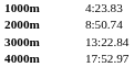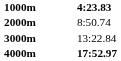 <table>
 <tr>
 <th width=100></th>
 <th width=100></th>
 <th width=300></th>
 </tr>
 <tr>
 <td><strong>1000m</strong></td>
-<td>4:23.83</td>
+<td><strong>4:23.83</strong></td>
 <td></td>
 </tr>
 <tr>
 <td><strong>2000m</strong></td>
 <td>8:50.74</td>
 <td></td>
 </tr>
 <tr>
 <td><strong>3000m</strong></td>
 <td>13:22.84</td>
 <td></td>
 </tr>
 <tr>
 <td><strong>4000m</strong></td>
-<td>17:52.97</td>
+<td><strong>17:52.97</strong></td>
 <td></td>
 </tr>
 <tr>
 </tr>
 </table>
